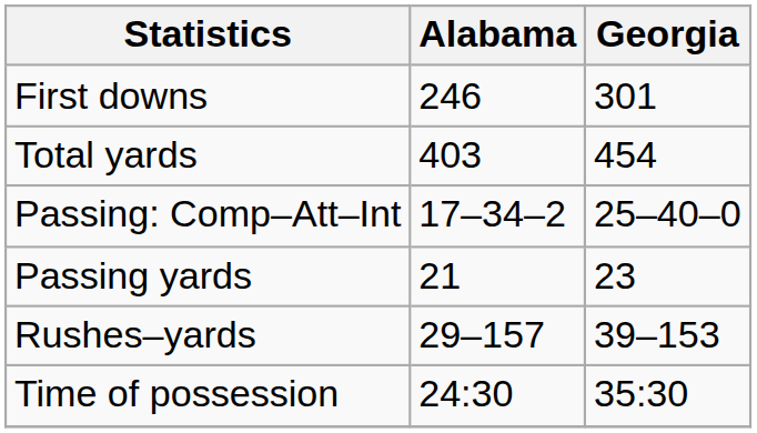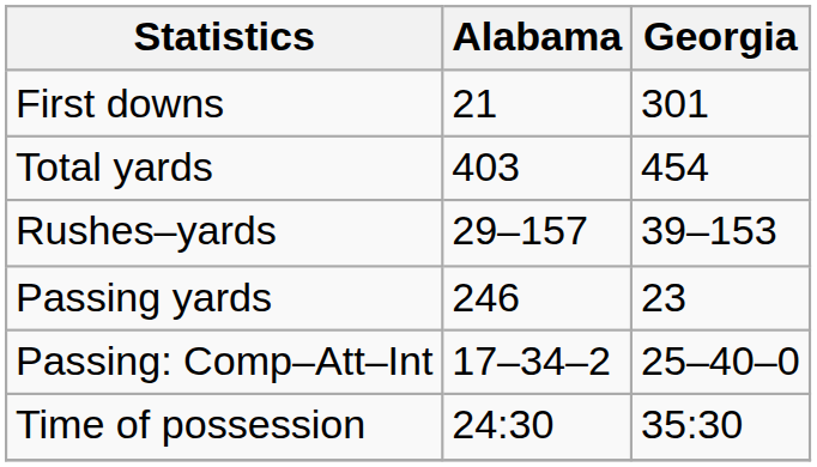 <table class="wikitable" style="float: left;">
 <tr>
 <th>Statistics</th>
 <th>Alabama</th>
 <th>Georgia</th>
 </tr>
 <tr>
 <td>First downs</td>
-<td>246</td>
+<td>21</td>
 <td>301</td>
 </tr>
 <tr>
 <td>Total yards</td>
 <td>403</td>
 <td>454</td>
 </tr>
 <tr>
+<td>Rushes–yards</td>
+<td>29–157</td>
+<td>39–153</td>
+</tr>
+<tr>
+<td>Passing yards</td>
+<td>246</td>
+<td>23</td>
+</tr>
+<tr>
 <td>Passing: Comp–Att–Int</td>
 <td>17–34–2</td>
 <td>25–40–0</td>
-</tr>
-<tr>
-<td>Passing yards</td>
-<td>21</td>
-<td>23</td>
-</tr>
-<tr>
-<td>Rushes–yards</td>
-<td>29–157</td>
-<td>39–153</td>
 </tr>
 <tr>
 <td>Time of possession</td>
 <td>24:30</td>
 <td>35:30</td>
 </tr>
 <tr>
 </tr>
 </table>
